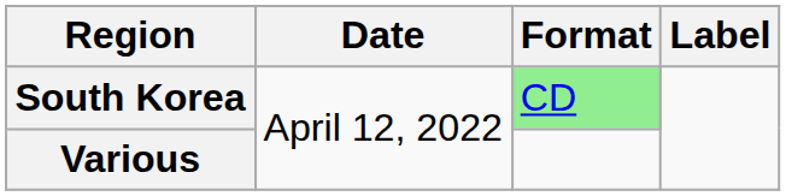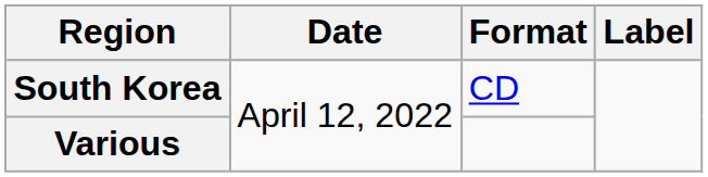 <table class="wikitable plainrowheaders">
 <tr>
 <th scope="col">Region</th>
 <th scope="col">Date</th>
 <th scope="col">Format</th>
 <th scope="col">Label</th>
 </tr>
 <tr>
 <th scope="row">South Korea</th>
 <td rowspan="2">April 12, 2022</td>
-<td style="background: lightgreen;"><a href='#'>CD</a></td>
+<td><a href='#'>CD</a></td>
 <td rowspan="2"></td>
 </tr>
 <tr>
 <th scope="row">Various</th>
 <td></td>
 </tr>
 </table>
